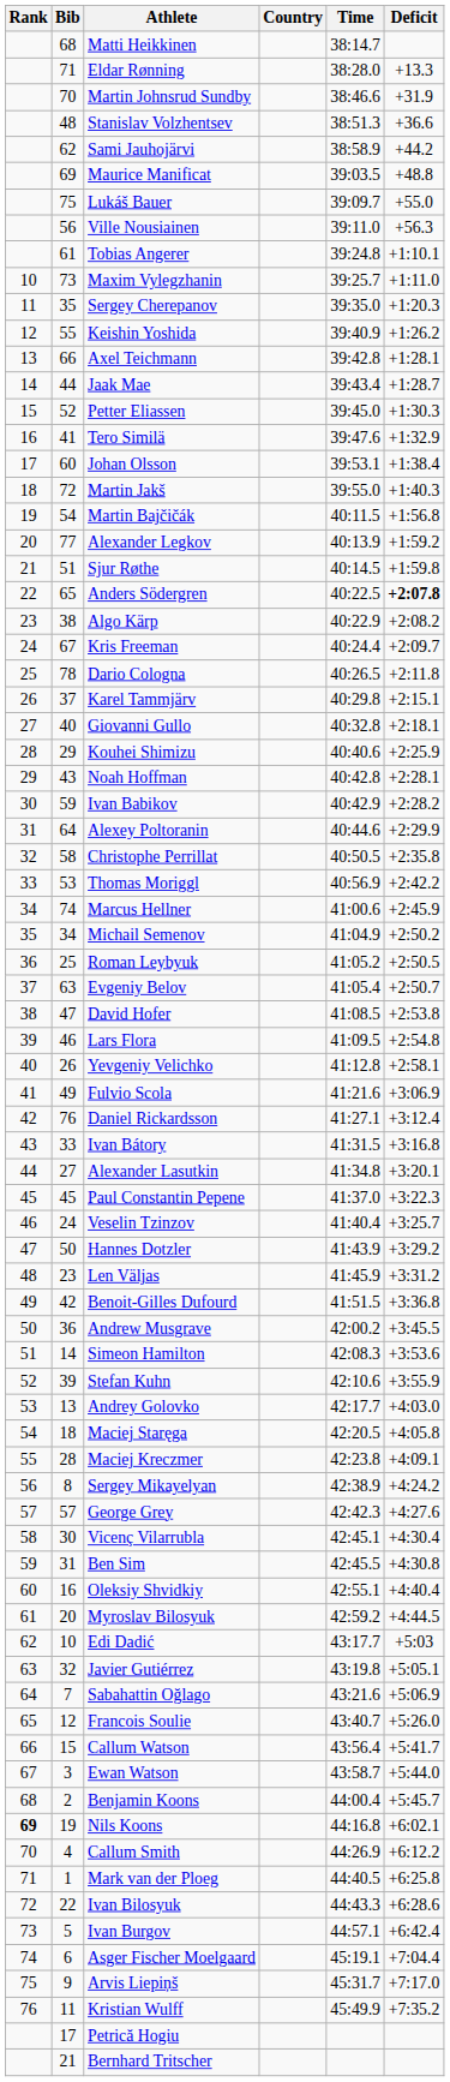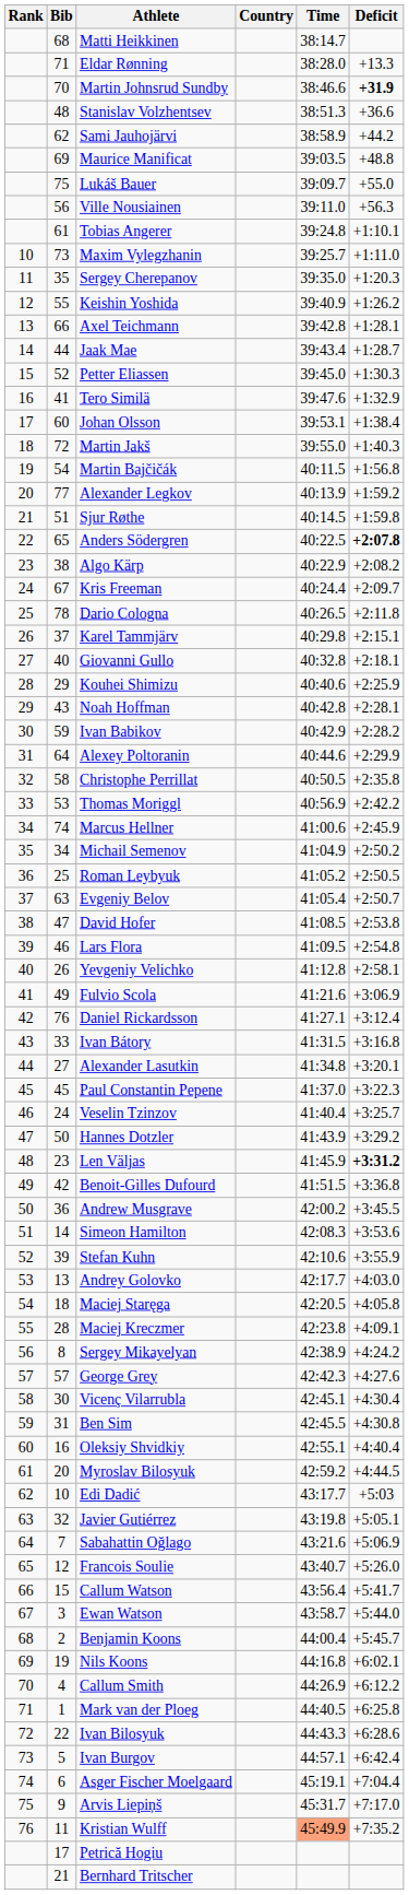 <table class="wikitable sortable" style="text-align:center">
 <tr>
 <th>Rank</th>
 <th>Bib</th>
 <th>Athlete</th>
 <th>Country</th>
 <th>Time</th>
 <th>Deficit</th>
 </tr>
 <tr>
 <td></td>
 <td>68</td>
 <td align=left><a href='#'>Matti Heikkinen</a></td>
 <td align=left></td>
 <td>38:14.7</td>
 <td></td>
 </tr>
 <tr>
 <td></td>
 <td>71</td>
 <td align=left><a href='#'>Eldar Rønning</a></td>
 <td align=left></td>
 <td>38:28.0</td>
 <td>+13.3</td>
 </tr>
 <tr>
 <td></td>
 <td>70</td>
 <td align=left><a href='#'>Martin Johnsrud Sundby</a></td>
 <td align=left></td>
 <td>38:46.6</td>
-<td>+31.9</td>
+<td><strong>+31.9</strong></td>
 </tr>
 <tr>
 <td></td>
 <td>48</td>
 <td align=left><a href='#'>Stanislav Volzhentsev</a></td>
 <td align=left></td>
 <td>38:51.3</td>
 <td>+36.6</td>
 </tr>
 <tr>
 <td></td>
 <td>62</td>
 <td align=left><a href='#'>Sami Jauhojärvi</a></td>
 <td align=left></td>
 <td>38:58.9</td>
 <td>+44.2</td>
 </tr>
 <tr>
 <td></td>
 <td>69</td>
 <td align=left><a href='#'>Maurice Manificat</a></td>
 <td align=left></td>
 <td>39:03.5</td>
 <td>+48.8</td>
 </tr>
 <tr>
 <td></td>
 <td>75</td>
 <td align=left><a href='#'>Lukáš Bauer</a></td>
 <td align=left></td>
 <td>39:09.7</td>
 <td>+55.0</td>
 </tr>
 <tr>
 <td></td>
 <td>56</td>
 <td align=left><a href='#'>Ville Nousiainen</a></td>
 <td align=left></td>
 <td>39:11.0</td>
 <td>+56.3</td>
 </tr>
 <tr>
 <td></td>
 <td>61</td>
 <td align=left><a href='#'>Tobias Angerer</a></td>
 <td align=left></td>
 <td>39:24.8</td>
 <td>+1:10.1</td>
 </tr>
 <tr>
 <td>10</td>
 <td>73</td>
 <td align=left><a href='#'>Maxim Vylegzhanin</a></td>
 <td align=left></td>
 <td>39:25.7</td>
 <td>+1:11.0</td>
 </tr>
 <tr>
 <td>11</td>
 <td>35</td>
 <td align=left><a href='#'>Sergey Cherepanov</a></td>
 <td align=left></td>
 <td>39:35.0</td>
 <td>+1:20.3</td>
 </tr>
 <tr>
 <td>12</td>
 <td>55</td>
 <td align=left><a href='#'>Keishin Yoshida</a></td>
 <td align=left></td>
 <td>39:40.9</td>
 <td>+1:26.2</td>
 </tr>
 <tr>
 <td>13</td>
 <td>66</td>
 <td align=left><a href='#'>Axel Teichmann</a></td>
 <td align=left></td>
 <td>39:42.8</td>
 <td>+1:28.1</td>
 </tr>
 <tr>
 <td>14</td>
 <td>44</td>
 <td align=left><a href='#'>Jaak Mae</a></td>
 <td align=left></td>
 <td>39:43.4</td>
 <td>+1:28.7</td>
 </tr>
 <tr>
 <td>15</td>
 <td>52</td>
 <td align=left><a href='#'>Petter Eliassen</a></td>
 <td align=left></td>
 <td>39:45.0</td>
 <td>+1:30.3</td>
 </tr>
 <tr>
 <td>16</td>
 <td>41</td>
 <td align=left><a href='#'>Tero Similä</a></td>
 <td align=left></td>
 <td>39:47.6</td>
 <td>+1:32.9</td>
 </tr>
 <tr>
 <td>17</td>
 <td>60</td>
 <td align=left><a href='#'>Johan Olsson</a></td>
 <td align=left></td>
 <td>39:53.1</td>
 <td>+1:38.4</td>
 </tr>
 <tr>
 <td>18</td>
 <td>72</td>
 <td align=left><a href='#'>Martin Jakš</a></td>
 <td align=left></td>
 <td>39:55.0</td>
 <td>+1:40.3</td>
 </tr>
 <tr>
 <td>19</td>
 <td>54</td>
 <td align=left><a href='#'>Martin Bajčičák</a></td>
 <td align=left></td>
 <td>40:11.5</td>
 <td>+1:56.8</td>
 </tr>
 <tr>
 <td>20</td>
 <td>77</td>
 <td align=left><a href='#'>Alexander Legkov</a></td>
 <td align=left></td>
 <td>40:13.9</td>
 <td>+1:59.2</td>
 </tr>
 <tr>
 <td>21</td>
 <td>51</td>
 <td align=left><a href='#'>Sjur Røthe</a></td>
 <td align=left></td>
 <td>40:14.5</td>
 <td>+1:59.8</td>
 </tr>
 <tr>
 <td>22</td>
 <td>65</td>
 <td align=left><a href='#'>Anders Södergren</a></td>
 <td align=left></td>
 <td>40:22.5</td>
 <td><strong>+2:07.8</strong></td>
 </tr>
 <tr>
 <td>23</td>
 <td>38</td>
 <td align=left><a href='#'>Algo Kärp</a></td>
 <td align=left></td>
 <td>40:22.9</td>
 <td>+2:08.2</td>
 </tr>
 <tr>
 <td>24</td>
 <td>67</td>
 <td align=left><a href='#'>Kris Freeman</a></td>
 <td align=left></td>
 <td>40:24.4</td>
 <td>+2:09.7</td>
 </tr>
 <tr>
 <td>25</td>
 <td>78</td>
 <td align=left><a href='#'>Dario Cologna</a></td>
 <td align=left></td>
 <td>40:26.5</td>
 <td>+2:11.8</td>
 </tr>
 <tr>
 <td>26</td>
 <td>37</td>
 <td align=left><a href='#'>Karel Tammjärv</a></td>
 <td align=left></td>
 <td>40:29.8</td>
 <td>+2:15.1</td>
 </tr>
 <tr>
 <td>27</td>
 <td>40</td>
 <td align=left><a href='#'>Giovanni Gullo</a></td>
 <td align=left></td>
 <td>40:32.8</td>
 <td>+2:18.1</td>
 </tr>
 <tr>
 <td>28</td>
 <td>29</td>
 <td align=left><a href='#'>Kouhei Shimizu</a></td>
 <td align=left></td>
 <td>40:40.6</td>
 <td>+2:25.9</td>
 </tr>
 <tr>
 <td>29</td>
 <td>43</td>
 <td align=left><a href='#'>Noah Hoffman</a></td>
 <td align=left></td>
 <td>40:42.8</td>
 <td>+2:28.1</td>
 </tr>
 <tr>
 <td>30</td>
 <td>59</td>
 <td align=left><a href='#'>Ivan Babikov</a></td>
 <td align=left></td>
 <td>40:42.9</td>
 <td>+2:28.2</td>
 </tr>
 <tr>
 <td>31</td>
 <td>64</td>
 <td align=left><a href='#'>Alexey Poltoranin</a></td>
 <td align=left></td>
 <td>40:44.6</td>
 <td>+2:29.9</td>
 </tr>
 <tr>
 <td>32</td>
 <td>58</td>
 <td align=left><a href='#'>Christophe Perrillat</a></td>
 <td align=left></td>
 <td>40:50.5</td>
 <td>+2:35.8</td>
 </tr>
 <tr>
 <td>33</td>
 <td>53</td>
 <td align=left><a href='#'>Thomas Moriggl</a></td>
 <td align=left></td>
 <td>40:56.9</td>
 <td>+2:42.2</td>
 </tr>
 <tr>
 <td>34</td>
 <td>74</td>
 <td align=left><a href='#'>Marcus Hellner</a></td>
 <td align=left></td>
 <td>41:00.6</td>
 <td>+2:45.9</td>
 </tr>
 <tr>
 <td>35</td>
 <td>34</td>
 <td align=left><a href='#'>Michail Semenov</a></td>
 <td align=left></td>
 <td>41:04.9</td>
 <td>+2:50.2</td>
 </tr>
 <tr>
 <td>36</td>
 <td>25</td>
 <td align=left><a href='#'>Roman Leybyuk</a></td>
 <td align=left></td>
 <td>41:05.2</td>
 <td>+2:50.5</td>
 </tr>
 <tr>
 <td>37</td>
 <td>63</td>
 <td align=left><a href='#'>Evgeniy Belov</a></td>
 <td align=left></td>
 <td>41:05.4</td>
 <td>+2:50.7</td>
 </tr>
 <tr>
 <td>38</td>
 <td>47</td>
 <td align=left><a href='#'>David Hofer</a></td>
 <td align=left></td>
 <td>41:08.5</td>
 <td>+2:53.8</td>
 </tr>
 <tr>
 <td>39</td>
 <td>46</td>
 <td align=left><a href='#'>Lars Flora</a></td>
 <td align=left></td>
 <td>41:09.5</td>
 <td>+2:54.8</td>
 </tr>
 <tr>
 <td>40</td>
 <td>26</td>
 <td align=left><a href='#'>Yevgeniy Velichko</a></td>
 <td align=left></td>
 <td>41:12.8</td>
 <td>+2:58.1</td>
 </tr>
 <tr>
 <td>41</td>
 <td>49</td>
 <td align=left><a href='#'>Fulvio Scola</a></td>
 <td align=left></td>
 <td>41:21.6</td>
 <td>+3:06.9</td>
 </tr>
 <tr>
 <td>42</td>
 <td>76</td>
 <td align=left><a href='#'>Daniel Rickardsson</a></td>
 <td align=left></td>
 <td>41:27.1</td>
 <td>+3:12.4</td>
 </tr>
 <tr>
 <td>43</td>
 <td>33</td>
 <td align=left><a href='#'>Ivan Bátory</a></td>
 <td align=left></td>
 <td>41:31.5</td>
 <td>+3:16.8</td>
 </tr>
 <tr>
 <td>44</td>
 <td>27</td>
 <td align=left><a href='#'>Alexander Lasutkin</a></td>
 <td align=left></td>
 <td>41:34.8</td>
 <td>+3:20.1</td>
 </tr>
 <tr>
 <td>45</td>
 <td>45</td>
 <td align=left><a href='#'>Paul Constantin Pepene</a></td>
 <td align=left></td>
 <td>41:37.0</td>
 <td>+3:22.3</td>
 </tr>
 <tr>
 <td>46</td>
 <td>24</td>
 <td align=left><a href='#'>Veselin Tzinzov</a></td>
 <td align=left></td>
 <td>41:40.4</td>
 <td>+3:25.7</td>
 </tr>
 <tr>
 <td>47</td>
 <td>50</td>
 <td align=left><a href='#'>Hannes Dotzler</a></td>
 <td align=left></td>
 <td>41:43.9</td>
 <td>+3:29.2</td>
 </tr>
 <tr>
 <td>48</td>
 <td>23</td>
 <td align=left><a href='#'>Len Väljas</a></td>
 <td align=left></td>
 <td>41:45.9</td>
-<td>+3:31.2</td>
+<td><strong>+3:31.2</strong></td>
 </tr>
 <tr>
 <td>49</td>
 <td>42</td>
 <td align=left><a href='#'>Benoit-Gilles Dufourd</a></td>
 <td align=left></td>
 <td>41:51.5</td>
 <td>+3:36.8</td>
 </tr>
 <tr>
 <td>50</td>
 <td>36</td>
 <td align=left><a href='#'>Andrew Musgrave</a></td>
 <td align=left></td>
 <td>42:00.2</td>
 <td>+3:45.5</td>
 </tr>
 <tr>
 <td>51</td>
 <td>14</td>
 <td align=left><a href='#'>Simeon Hamilton</a></td>
 <td align=left></td>
 <td>42:08.3</td>
 <td>+3:53.6</td>
 </tr>
 <tr>
 <td>52</td>
 <td>39</td>
 <td align=left><a href='#'>Stefan Kuhn</a></td>
 <td align=left></td>
 <td>42:10.6</td>
 <td>+3:55.9</td>
 </tr>
 <tr>
 <td>53</td>
 <td>13</td>
 <td align=left><a href='#'>Andrey Golovko</a></td>
 <td align=left></td>
 <td>42:17.7</td>
 <td>+4:03.0</td>
 </tr>
 <tr>
 <td>54</td>
 <td>18</td>
 <td align=left><a href='#'>Maciej Staręga</a></td>
 <td align=left></td>
 <td>42:20.5</td>
 <td>+4:05.8</td>
 </tr>
 <tr>
 <td>55</td>
 <td>28</td>
 <td align=left><a href='#'>Maciej Kreczmer</a></td>
 <td align=left></td>
 <td>42:23.8</td>
 <td>+4:09.1</td>
 </tr>
 <tr>
 <td>56</td>
 <td>8</td>
 <td align=left><a href='#'>Sergey Mikayelyan</a></td>
 <td align=left></td>
 <td>42:38.9</td>
 <td>+4:24.2</td>
 </tr>
 <tr>
 <td>57</td>
 <td>57</td>
 <td align=left><a href='#'>George Grey</a></td>
 <td align=left></td>
 <td>42:42.3</td>
 <td>+4:27.6</td>
 </tr>
 <tr>
 <td>58</td>
 <td>30</td>
 <td align=left><a href='#'>Vicenç Vilarrubla</a></td>
 <td align=left></td>
 <td>42:45.1</td>
 <td>+4:30.4</td>
 </tr>
 <tr>
 <td>59</td>
 <td>31</td>
 <td align=left><a href='#'>Ben Sim</a></td>
 <td align=left></td>
 <td>42:45.5</td>
 <td>+4:30.8</td>
 </tr>
 <tr>
 <td>60</td>
 <td>16</td>
 <td align=left><a href='#'>Oleksiy Shvidkiy</a></td>
 <td align=left></td>
 <td>42:55.1</td>
 <td>+4:40.4</td>
 </tr>
 <tr>
 <td>61</td>
 <td>20</td>
 <td align=left><a href='#'>Myroslav Bilosyuk</a></td>
 <td align=left></td>
 <td>42:59.2</td>
 <td>+4:44.5</td>
 </tr>
 <tr>
 <td>62</td>
 <td>10</td>
 <td align=left><a href='#'>Edi Dadić</a></td>
 <td align=left></td>
 <td>43:17.7</td>
 <td>+5:03</td>
 </tr>
 <tr>
 <td>63</td>
 <td>32</td>
 <td align=left><a href='#'>Javier Gutiérrez</a></td>
 <td align=left></td>
 <td>43:19.8</td>
 <td>+5:05.1</td>
 </tr>
 <tr>
 <td>64</td>
 <td>7</td>
 <td align=left><a href='#'>Sabahattin Oğlago</a></td>
 <td align=left></td>
 <td>43:21.6</td>
 <td>+5:06.9</td>
 </tr>
 <tr>
 <td>65</td>
 <td>12</td>
 <td align=left><a href='#'>Francois Soulie</a></td>
 <td align=left></td>
 <td>43:40.7</td>
 <td>+5:26.0</td>
 </tr>
 <tr>
 <td>66</td>
 <td>15</td>
 <td align=left><a href='#'>Callum Watson</a></td>
 <td align=left></td>
 <td>43:56.4</td>
 <td>+5:41.7</td>
 </tr>
 <tr>
 <td>67</td>
 <td>3</td>
 <td align=left><a href='#'>Ewan Watson</a></td>
 <td align=left></td>
 <td>43:58.7</td>
 <td>+5:44.0</td>
 </tr>
 <tr>
 <td>68</td>
 <td>2</td>
 <td align=left><a href='#'>Benjamin Koons</a></td>
 <td align=left></td>
 <td>44:00.4</td>
 <td>+5:45.7</td>
 </tr>
 <tr>
-<td><strong>69</strong></td>
+<td>69</td>
 <td>19</td>
 <td align=left><a href='#'>Nils Koons</a></td>
 <td align=left></td>
 <td>44:16.8</td>
 <td>+6:02.1</td>
 </tr>
 <tr>
 <td>70</td>
 <td>4</td>
 <td align=left><a href='#'>Callum Smith</a></td>
 <td align=left></td>
 <td>44:26.9</td>
 <td>+6:12.2</td>
 </tr>
 <tr>
 <td>71</td>
 <td>1</td>
 <td align=left><a href='#'>Mark van der Ploeg</a></td>
 <td align=left></td>
 <td>44:40.5</td>
 <td>+6:25.8</td>
 </tr>
 <tr>
 <td>72</td>
 <td>22</td>
 <td align=left><a href='#'>Ivan Bilosyuk</a></td>
 <td align=left></td>
 <td>44:43.3</td>
 <td>+6:28.6</td>
 </tr>
 <tr>
 <td>73</td>
 <td>5</td>
 <td align=left><a href='#'>Ivan Burgov</a></td>
 <td align=left></td>
 <td>44:57.1</td>
 <td>+6:42.4</td>
 </tr>
 <tr>
 <td>74</td>
 <td>6</td>
 <td align=left><a href='#'>Asger Fischer Moelgaard</a></td>
 <td align=left></td>
 <td>45:19.1</td>
 <td>+7:04.4</td>
 </tr>
 <tr>
 <td>75</td>
 <td>9</td>
 <td align=left><a href='#'>Arvis Liepiņš</a></td>
 <td align=left></td>
 <td>45:31.7</td>
 <td>+7:17.0</td>
 </tr>
 <tr>
 <td>76</td>
 <td>11</td>
 <td align=left><a href='#'>Kristian Wulff</a></td>
 <td align=left></td>
-<td>45:49.9</td>
+<td style="background: lightsalmon;">45:49.9</td>
 <td>+7:35.2</td>
 </tr>
 <tr>
 <td></td>
 <td>17</td>
 <td align=left><a href='#'>Petrică Hogiu</a></td>
 <td align=left></td>
 <td></td>
 <td></td>
 </tr>
 <tr>
 <td></td>
 <td>21</td>
 <td align=left><a href='#'>Bernhard Tritscher</a></td>
 <td align=left></td>
 <td></td>
 <td></td>
 </tr>
 </table>
